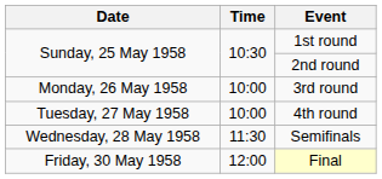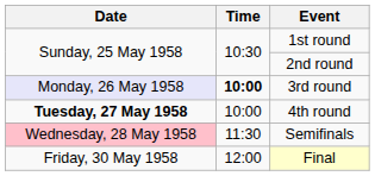 <table class = "wikitable" style="text-align:center;">
 <tr>
 <th width=220>Date</th>
 <th width=50>Time</th>
 <th width=100>Event</th>
 </tr>
 <tr>
 <td rowspan=2>Sunday, 25 May 1958</td>
 <td rowspan=2>10:30</td>
 <td>1st round</td>
 </tr>
 <tr>
 <td>2nd round</td>
 </tr>
 <tr>
-<td>Monday, 26 May 1958</td>
-<td>10:00</td>
+<td style="background: lavender;">Monday, 26 May 1958</td>
+<td><strong>10:00</strong></td>
 <td>3rd round</td>
 </tr>
 <tr>
-<td>Tuesday, 27 May 1958</td>
+<td><strong>Tuesday, 27 May 1958</strong></td>
 <td>10:00</td>
 <td>4th round</td>
 </tr>
 <tr>
-<td>Wednesday, 28 May 1958</td>
+<td style="background: pink;">Wednesday, 28 May 1958</td>
 <td>11:30</td>
 <td>Semifinals</td>
 </tr>
 <tr>
 <td>Friday, 30 May 1958</td>
 <td>12:00</td>
 <td bgcolor=ffffcc>Final</td>
 </tr>
 </table>
